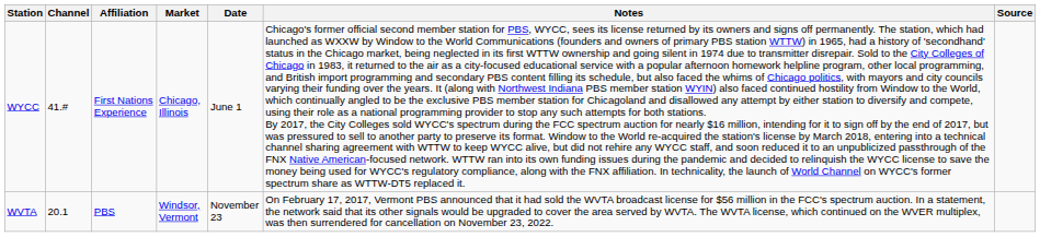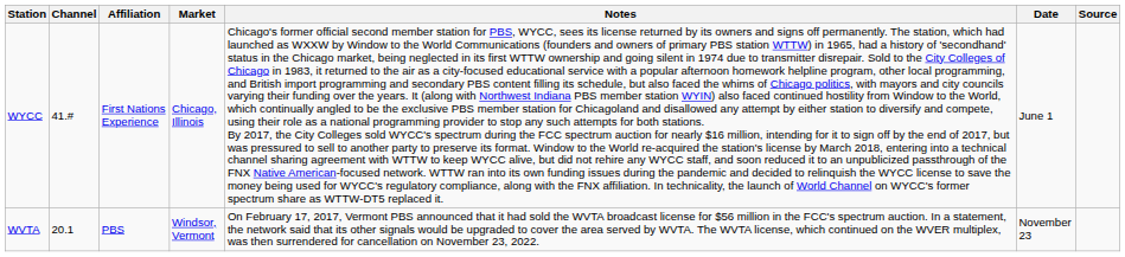 <table class="wikitable">
 <tr>
 <th>Station</th>
 <th>Channel</th>
 <th>Affiliation</th>
 <th>Market</th>
+<th>Notes</th>
 <th>Date</th>
-<th>Notes</th>
 <th>Source</th>
 </tr>
 <tr>
 <td><a href='#'>WYCC</a></td>
 <td>41.#</td>
 <td><a href='#'>First Nations Experience</a></td>
 <td><a href='#'>Chicago, Illinois</a></td>
+<td>Chicago's former official second member station for <a href='#'>PBS</a>, WYCC, sees its license returned by its owners and signs off permanently. The station, which had launched as WXXW by Window to the World Communications (founders and owners of primary PBS station <a href='#'>WTTW</a>) in 1965, had a history of 'secondhand' status in the Chicago market, being neglected in its first WTTW ownership and going silent in 1974 due to transmitter disrepair. Sold to the <a href='#'>City Colleges of Chicago</a> in 1983, it returned to the air as a city-focused educational service with a popular afternoon homework helpline program, other local programming, and British import programming and secondary PBS content filling its schedule, but also faced the whims of <a href='#'>Chicago politics</a>, with mayors and city councils varying their funding over the years. It (along with <a href='#'>Northwest Indiana</a> PBS member station <a href='#'>WYIN</a>) also faced continued hostility from Window to the World, which continually angled to be the exclusive PBS member station for Chicagoland and disallowed any attempt by either station to diversify and compete, using their role as a national programming provider to stop any such attempts for both stations.<br>By 2017, the City Colleges sold WYCC's spectrum during the FCC spectrum auction for nearly $16 million, intending for it to sign off by the end of 2017, but was pressured to sell to another party to preserve its format. Window to the World re-acquired the station's license by March 2018, entering into a technical channel sharing agreement with WTTW to keep WYCC alive, but did not rehire any WYCC staff, and soon reduced it to an unpublicized passthrough of the FNX <a href='#'>Native American</a>-focused network. WTTW ran into its own funding issues during the pandemic and decided to relinquish the WYCC license to save the money being used for WYCC's regulatory compliance, along with the FNX affiliation. In technicality, the launch of <a href='#'>World Channel</a> on WYCC's former spectrum share as WTTW-DT5 replaced it.</td>
 <td>June 1</td>
-<td>Chicago's former official second member station for <a href='#'>PBS</a>, WYCC, sees its license returned by its owners and signs off permanently. The station, which had launched as WXXW by Window to the World Communications (founders and owners of primary PBS station <a href='#'>WTTW</a>) in 1965, had a history of 'secondhand' status in the Chicago market, being neglected in its first WTTW ownership and going silent in 1974 due to transmitter disrepair. Sold to the <a href='#'>City Colleges of Chicago</a> in 1983, it returned to the air as a city-focused educational service with a popular afternoon homework helpline program, other local programming, and British import programming and secondary PBS content filling its schedule, but also faced the whims of <a href='#'>Chicago politics</a>, with mayors and city councils varying their funding over the years. It (along with <a href='#'>Northwest Indiana</a> PBS member station <a href='#'>WYIN</a>) also faced continued hostility from Window to the World, which continually angled to be the exclusive PBS member station for Chicagoland and disallowed any attempt by either station to diversify and compete, using their role as a national programming provider to stop any such attempts for both stations.<br>By 2017, the City Colleges sold WYCC's spectrum during the FCC spectrum auction for nearly $16 million, intending for it to sign off by the end of 2017, but was pressured to sell to another party to preserve its format. Window to the World re-acquired the station's license by March 2018, entering into a technical channel sharing agreement with WTTW to keep WYCC alive, but did not rehire any WYCC staff, and soon reduced it to an unpublicized passthrough of the FNX <a href='#'>Native American</a>-focused network. WTTW ran into its own funding issues during the pandemic and decided to relinquish the WYCC license to save the money being used for WYCC's regulatory compliance, along with the FNX affiliation. In technicality, the launch of <a href='#'>World Channel</a> on WYCC's former spectrum share as WTTW-DT5 replaced it.</td>
 <td></td>
 </tr>
 <tr>
 <td><a href='#'>WVTA</a></td>
 <td>20.1</td>
 <td><a href='#'>PBS</a></td>
 <td><a href='#'>Windsor, Vermont</a></td>
+<td>On February 17, 2017, Vermont PBS announced that it had sold the WVTA broadcast license for $56 million in the FCC's spectrum auction. In a statement, the network said that its other signals would be upgraded to cover the area served by WVTA. The WVTA license, which continued on the WVER multiplex, was then surrendered for cancellation on November 23, 2022.</td>
 <td>November 23</td>
-<td>On February 17, 2017, Vermont PBS announced that it had sold the WVTA broadcast license for $56 million in the FCC's spectrum auction. In a statement, the network said that its other signals would be upgraded to cover the area served by WVTA. The WVTA license, which continued on the WVER multiplex, was then surrendered for cancellation on November 23, 2022.</td>
 <td></td>
 </tr>
 </table>
